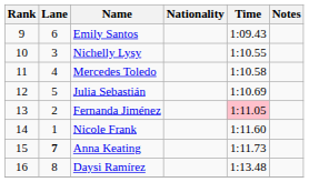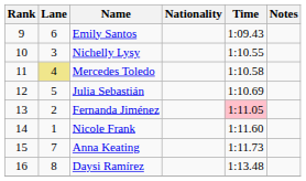 <table class="wikitable sortable" style="text-align:center">
 <tr>
 <th>Rank</th>
 <th>Lane</th>
 <th>Name</th>
 <th>Nationality</th>
 <th>Time</th>
 <th>Notes</th>
 </tr>
 <tr>
 <td>9</td>
 <td>6</td>
 <td align="left"><a href='#'>Emily Santos</a></td>
 <td align="left"></td>
 <td>1:09.43</td>
 <td></td>
 </tr>
 <tr>
 <td>10</td>
 <td>3</td>
 <td align="left"><a href='#'>Nichelly Lysy</a></td>
 <td align="left"></td>
 <td>1:10.55</td>
 <td></td>
 </tr>
 <tr>
 <td>11</td>
-<td>4</td>
+<td style="background: khaki;">4</td>
 <td align="left"><a href='#'>Mercedes Toledo</a></td>
 <td align="left"></td>
 <td>1:10.58</td>
 <td></td>
 </tr>
 <tr>
 <td>12</td>
 <td>5</td>
 <td align="left"><a href='#'>Julia Sebastián</a></td>
 <td align="left"></td>
 <td>1:10.69</td>
 <td></td>
 </tr>
 <tr>
 <td>13</td>
 <td>2</td>
 <td align="left"><a href='#'>Fernanda Jiménez</a></td>
 <td align="left"></td>
 <td style="background: pink;">1:11.05</td>
 <td></td>
 </tr>
 <tr>
 <td>14</td>
 <td>1</td>
 <td align="left"><a href='#'>Nicole Frank</a></td>
 <td align="left"></td>
 <td>1:11.60</td>
 <td></td>
 </tr>
 <tr>
 <td>15</td>
-<td><strong>7</strong></td>
+<td>7</td>
 <td align="left"><a href='#'>Anna Keating</a></td>
 <td align="left"></td>
 <td>1:11.73</td>
 <td></td>
 </tr>
 <tr>
 <td>16</td>
 <td>8</td>
 <td align="left"><a href='#'>Daysi Ramírez</a></td>
 <td align="left"></td>
 <td>1:13.48</td>
 <td></td>
 </tr>
 <tr>
 </tr>
 </table>
